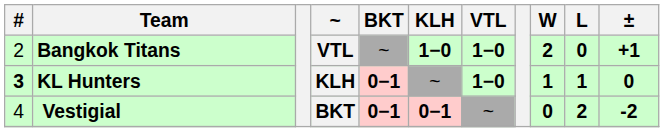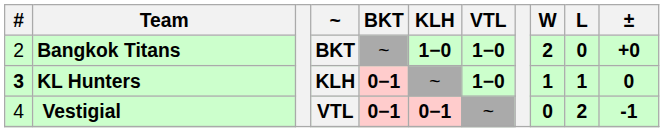 <table class="wikitable" style="font-size: 95%; text-align: center">
 <tr>
 <th style="width:15px;">#</th>
 <th style="width:200px;">Team</th>
 <th rowspan="11" style="width:5px;;"></th>
 <th>~</th>
 <th>BKT</th>
 <th style="width:35px;" title="">KLH</th>
 <th style="width:35px;" title="">VTL</th>
 <th rowspan="11" style="width:5px;;"></th>
 <th style="width:20px;" title="Wins">W</th>
 <th style="width:20px;" title="Losses">L</th>
 <th style="width:40px;">±</th>
 </tr>
 <tr style="background:#cfc;">
 <td>2</td>
 <td style="text-align: left"> <strong>Bangkok Titans</strong></td>
-<th>VTL</th>
+<th>BKT</th>
 <td style="background:#aaa;">~</td>
 <td style="background:#cfc;"><strong>1−0</strong></td>
 <td style="background:#cfc;"><strong>1−0</strong></td>
 <td><strong>2</strong></td>
 <td><strong>0</strong></td>
-<td><strong>+1</strong></td>
+<td><strong>+0</strong></td>
 </tr>
 <tr style="background:#cfc;">
 <td><strong>3</strong></td>
 <td style="text-align: left"> <strong>KL Hunters</strong></td>
 <th>KLH</th>
 <td style="background:#fcc;"><strong>0−1</strong></td>
 <td style="background:#aaa;">~</td>
 <td style="background:#cfc;"><strong>1−0</strong></td>
 <td><strong>1</strong></td>
 <td><strong>1</strong></td>
 <td><strong>0</strong></td>
 </tr>
 <tr style="background:#cfc;">
 <td>4</td>
 <td style="text-align: left">⁠ <strong>Vestigial</strong></td>
-<th>BKT</th>
+<th>VTL</th>
 <td style="background:#fcc;"><strong>0−1</strong></td>
 <td style="background:#fcc;"><strong>0−1</strong></td>
 <td style="background:#aaa;">~</td>
 <td><strong>0</strong></td>
 <td><strong>2</strong></td>
-<td><strong>-2</strong></td>
+<td><strong>-1</strong></td>
 </tr>
 <tr style="background:#cfc;">
 </tr>
 </table>
